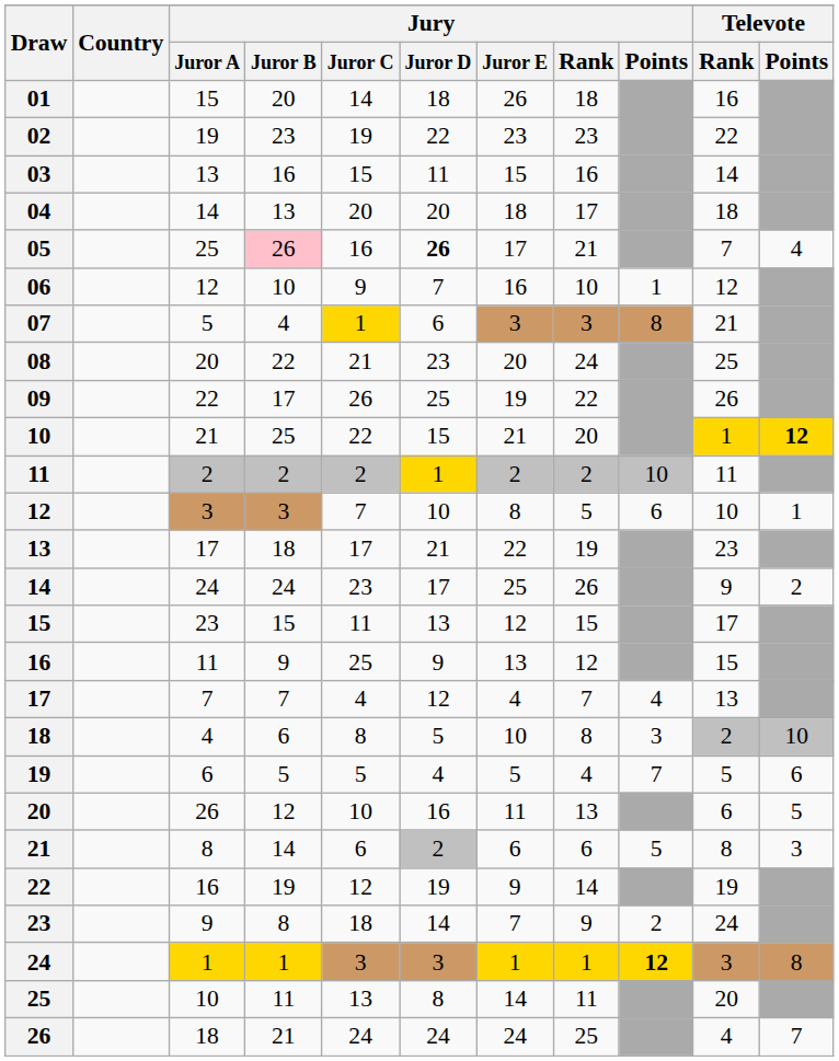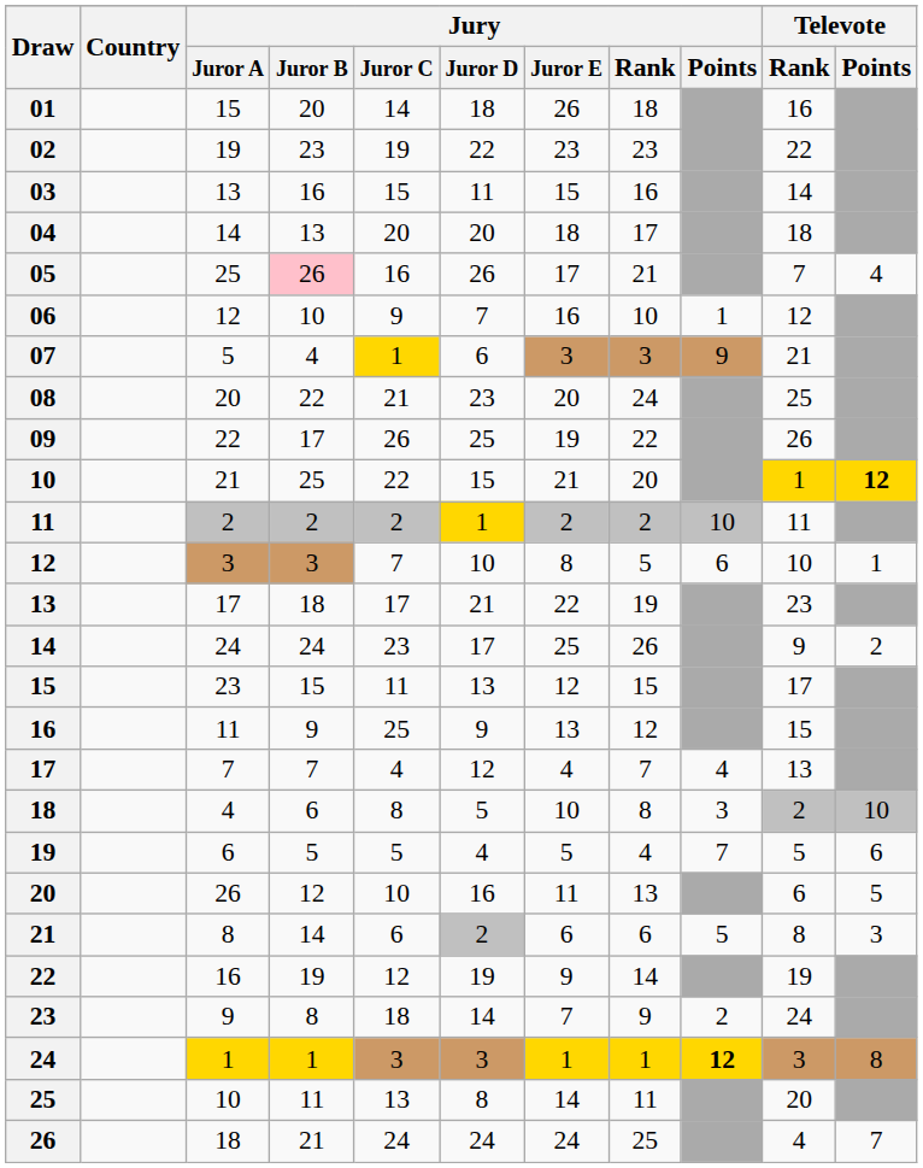 <table class="sortable wikitable collapsible plainrowheaders" style="text-align:center;">
 <tr>
 </tr>
 <tr>
 <th scope="col" rowspan="2">Draw</th>
 <th scope="col" rowspan="2">Country</th>
 <th scope="col" colspan="7">Jury</th>
 <th scope="col" colspan="2">Televote</th>
 </tr>
 <tr>
 <th scope="col"><small>Juror A</small></th>
 <th scope="col"><small>Juror B</small></th>
 <th scope="col"><small>Juror C</small></th>
 <th scope="col"><small>Juror D</small></th>
 <th scope="col"><small>Juror E</small></th>
 <th scope="col">Rank</th>
 <th scope="col">Points</th>
 <th scope="col">Rank</th>
 <th scope="col">Points</th>
 </tr>
 <tr>
 <th scope="row" style="text-align:center;">01</th>
 <td style="text-align:left;"></td>
 <td>15</td>
 <td>20</td>
 <td>14</td>
 <td>18</td>
 <td>26</td>
 <td>18</td>
 <td style="background:#AAAAAA;"></td>
 <td>16</td>
 <td style="background:#AAAAAA;"></td>
 </tr>
 <tr>
 <th scope="row" style="text-align:center;">02</th>
 <td style="text-align:left;"></td>
 <td>19</td>
 <td>23</td>
 <td>19</td>
 <td>22</td>
 <td>23</td>
 <td>23</td>
 <td style="background:#AAAAAA;"></td>
 <td>22</td>
 <td style="background:#AAAAAA;"></td>
 </tr>
 <tr>
 <th scope="row" style="text-align:center;">03</th>
 <td style="text-align:left;"></td>
 <td>13</td>
 <td>16</td>
 <td>15</td>
 <td>11</td>
 <td>15</td>
 <td>16</td>
 <td style="background:#AAAAAA;"></td>
 <td>14</td>
 <td style="background:#AAAAAA;"></td>
 </tr>
 <tr>
 <th scope="row" style="text-align:center;">04</th>
 <td style="text-align:left;"></td>
 <td>14</td>
 <td>13</td>
 <td>20</td>
 <td>20</td>
 <td>18</td>
 <td>17</td>
 <td style="background:#AAAAAA;"></td>
 <td>18</td>
 <td style="background:#AAAAAA;"></td>
 </tr>
 <tr>
 <th scope="row" style="text-align:center;">05</th>
 <td style="text-align:left;"></td>
 <td>25</td>
 <td style="background: pink;">26</td>
 <td>16</td>
-<td><strong>26</strong></td>
+<td>26</td>
 <td>17</td>
 <td>21</td>
 <td style="background:#AAAAAA;"></td>
 <td>7</td>
 <td>4</td>
 </tr>
 <tr>
 <th scope="row" style="text-align:center;">06</th>
 <td style="text-align:left;"></td>
 <td>12</td>
 <td>10</td>
 <td>9</td>
 <td>7</td>
 <td>16</td>
 <td>10</td>
 <td>1</td>
 <td>12</td>
 <td style="background:#AAAAAA;"></td>
 </tr>
 <tr>
 <th scope="row" style="text-align:center;">07</th>
 <td style="text-align:left;"></td>
 <td>5</td>
 <td>4</td>
 <td style="background:gold;">1</td>
 <td>6</td>
 <td style="background:#CC9966;">3</td>
 <td style="background:#CC9966;">3</td>
-<td style="background:#CC9966;">8</td>
+<td style="background:#CC9966;">9</td>
 <td>21</td>
 <td style="background:#AAAAAA;"></td>
 </tr>
 <tr>
 <th scope="row" style="text-align:center;">08</th>
 <td style="text-align:left;"></td>
 <td>20</td>
 <td>22</td>
 <td>21</td>
 <td>23</td>
 <td>20</td>
 <td>24</td>
 <td style="background:#AAAAAA;"></td>
 <td>25</td>
 <td style="background:#AAAAAA;"></td>
 </tr>
 <tr>
 <th scope="row" style="text-align:center;">09</th>
 <td style="text-align:left;"></td>
 <td>22</td>
 <td>17</td>
 <td>26</td>
 <td>25</td>
 <td>19</td>
 <td>22</td>
 <td style="background:#AAAAAA;"></td>
 <td>26</td>
 <td style="background:#AAAAAA;"></td>
 </tr>
 <tr>
 <th scope="row" style="text-align:center;">10</th>
 <td style="text-align:left;"></td>
 <td>21</td>
 <td>25</td>
 <td>22</td>
 <td>15</td>
 <td>21</td>
 <td>20</td>
 <td style="background:#AAAAAA;"></td>
 <td style="background:gold;">1</td>
 <td style="background:gold;"><strong>12</strong></td>
 </tr>
 <tr>
 <th scope="row" style="text-align:center;">11</th>
 <td style="text-align:left;"></td>
 <td style="background:silver;">2</td>
 <td style="background:silver;">2</td>
 <td style="background:silver;">2</td>
 <td style="background:gold;">1</td>
 <td style="background:silver;">2</td>
 <td style="background:silver;">2</td>
 <td style="background:silver;">10</td>
 <td>11</td>
 <td style="background:#AAAAAA;"></td>
 </tr>
 <tr>
 <th scope="row" style="text-align:center;">12</th>
 <td style="text-align:left;"></td>
 <td style="background:#CC9966;">3</td>
 <td style="background:#CC9966;">3</td>
 <td>7</td>
 <td>10</td>
 <td>8</td>
 <td>5</td>
 <td>6</td>
 <td>10</td>
 <td>1</td>
 </tr>
 <tr>
 <th scope="row" style="text-align:center;">13</th>
 <td style="text-align:left;"></td>
 <td>17</td>
 <td>18</td>
 <td>17</td>
 <td>21</td>
 <td>22</td>
 <td>19</td>
 <td style="background:#AAAAAA;"></td>
 <td>23</td>
 <td style="background:#AAAAAA;"></td>
 </tr>
 <tr>
 <th scope="row" style="text-align:center;">14</th>
 <td style="text-align:left;"></td>
 <td>24</td>
 <td>24</td>
 <td>23</td>
 <td>17</td>
 <td>25</td>
 <td>26</td>
 <td style="background:#AAAAAA;"></td>
 <td>9</td>
 <td>2</td>
 </tr>
 <tr>
 <th scope="row" style="text-align:center;">15</th>
 <td style="text-align:left;"></td>
 <td>23</td>
 <td>15</td>
 <td>11</td>
 <td>13</td>
 <td>12</td>
 <td>15</td>
 <td style="background:#AAAAAA;"></td>
 <td>17</td>
 <td style="background:#AAAAAA;"></td>
 </tr>
 <tr>
 <th scope="row" style="text-align:center;">16</th>
 <td style="text-align:left;"></td>
 <td>11</td>
 <td>9</td>
 <td>25</td>
 <td>9</td>
 <td>13</td>
 <td>12</td>
 <td style="background:#AAAAAA;"></td>
 <td>15</td>
 <td style="background:#AAAAAA;"></td>
 </tr>
 <tr>
 <th scope="row" style="text-align:center;">17</th>
 <td style="text-align:left;"></td>
 <td>7</td>
 <td>7</td>
 <td>4</td>
 <td>12</td>
 <td>4</td>
 <td>7</td>
 <td>4</td>
 <td>13</td>
 <td style="background:#AAAAAA;"></td>
 </tr>
 <tr>
 <th scope="row" style="text-align:center;">18</th>
 <td style="text-align:left;"></td>
 <td>4</td>
 <td>6</td>
 <td>8</td>
 <td>5</td>
 <td>10</td>
 <td>8</td>
 <td>3</td>
 <td style="background:silver;">2</td>
 <td style="background:silver;">10</td>
 </tr>
 <tr>
 <th scope="row" style="text-align:center;">19</th>
 <td style="text-align:left;"></td>
 <td>6</td>
 <td>5</td>
 <td>5</td>
 <td>4</td>
 <td>5</td>
 <td>4</td>
 <td>7</td>
 <td>5</td>
 <td>6</td>
 </tr>
 <tr>
 <th scope="row" style="text-align:center;">20</th>
 <td style="text-align:left;"></td>
 <td>26</td>
 <td>12</td>
 <td>10</td>
 <td>16</td>
 <td>11</td>
 <td>13</td>
 <td style="background:#AAAAAA;"></td>
 <td>6</td>
 <td>5</td>
 </tr>
 <tr>
 <th scope="row" style="text-align:center;">21</th>
 <td style="text-align:left;"></td>
 <td>8</td>
 <td>14</td>
 <td>6</td>
 <td style="background:silver;">2</td>
 <td>6</td>
 <td>6</td>
 <td>5</td>
 <td>8</td>
 <td>3</td>
 </tr>
 <tr>
 <th scope="row" style="text-align:center;">22</th>
 <td style="text-align:left;"></td>
 <td>16</td>
 <td>19</td>
 <td>12</td>
 <td>19</td>
 <td>9</td>
 <td>14</td>
 <td style="background:#AAAAAA;"></td>
 <td>19</td>
 <td style="background:#AAAAAA;"></td>
 </tr>
 <tr>
 <th scope="row" style="text-align:center;">23</th>
 <td style="text-align:left;"></td>
 <td>9</td>
 <td>8</td>
 <td>18</td>
 <td>14</td>
 <td>7</td>
 <td>9</td>
 <td>2</td>
 <td>24</td>
 <td style="background:#AAAAAA;"></td>
 </tr>
 <tr>
 <th scope="row" style="text-align:center;">24</th>
 <td style="text-align:left;"></td>
 <td style="background:gold;">1</td>
 <td style="background:gold;">1</td>
 <td style="background:#CC9966;">3</td>
 <td style="background:#CC9966;">3</td>
 <td style="background:gold;">1</td>
 <td style="background:gold;">1</td>
 <td style="background:gold;"><strong>12</strong></td>
 <td style="background:#CC9966;">3</td>
 <td style="background:#CC9966;">8</td>
 </tr>
 <tr>
 <th scope="row" style="text-align:center;">25</th>
 <td style="text-align:left;"></td>
 <td>10</td>
 <td>11</td>
 <td>13</td>
 <td>8</td>
 <td>14</td>
 <td>11</td>
 <td style="background:#AAAAAA;"></td>
 <td>20</td>
 <td style="background:#AAAAAA;"></td>
 </tr>
 <tr>
 <th scope="row" style="text-align:center;">26</th>
 <td style="text-align:left;"></td>
 <td>18</td>
 <td>21</td>
 <td>24</td>
 <td>24</td>
 <td>24</td>
 <td>25</td>
 <td style="background:#AAAAAA;"></td>
 <td>4</td>
 <td>7</td>
 </tr>
 </table>
